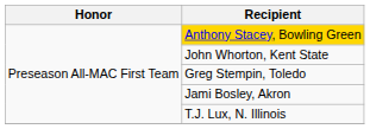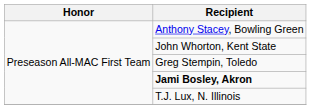 <table class="wikitable" border="1">
 <tr>
 <th>Honor</th>
 <th>Recipient</th>
 </tr>
 <tr>
 <td rowspan=5 valign=middle>Preseason All-MAC First Team</td>
-<td style="background: gold;"><a href='#'>Anthony Stacey</a>, Bowling Green</td>
+<td><a href='#'>Anthony Stacey</a>, Bowling Green</td>
 </tr>
 <tr>
 <td>John Whorton, Kent State</td>
 </tr>
 <tr>
 <td>Greg Stempin, Toledo</td>
 </tr>
 <tr>
-<td>Jami Bosley, Akron</td>
+<td><strong>Jami Bosley, Akron</strong></td>
 </tr>
 <tr>
 <td>T.J. Lux, N. Illinois</td>
 </tr>
 <tr>
 </tr>
 </table>
